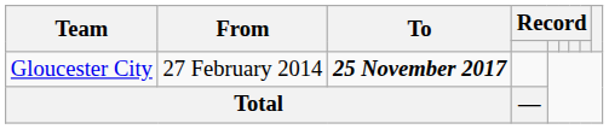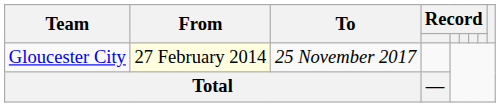 <table class="wikitable" style="text-align: center">
 <tr>
 <th rowspan=2>Team</th>
 <th rowspan=2>From</th>
 <th rowspan=2>To</th>
 <th colspan=5>Record</th>
 <th rowspan=2></th>
 </tr>
 <tr>
 <th></th>
 <th></th>
 <th></th>
 <th></th>
 <th></th>
 </tr>
 <tr>
 <td align=left><a href='#'>Gloucester City</a></td>
-<td align=left>27 February 2014</td>
-<td align=left><strong><em>25 November 2017</em><br></strong></td>
+<td align=left style="background: lightyellow;">27 February 2014</td>
+<td align=left><em>25 November 2017</em><br></td>
 <td></td>
 </tr>
 <tr>
 <th colspan=3>Total<br></th>
 <th>—</th>
 </tr>
 </table>
